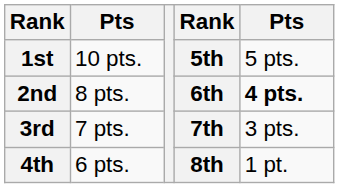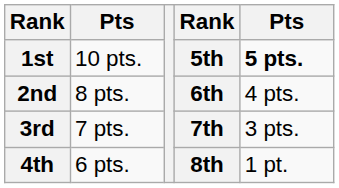 <table class="wikitable">
 <tr>
 <th>Rank</th>
 <th width=60>Pts</th>
 <th rowspan=5></th>
 <th>Rank</th>
 <th width=60>Pts</th>
 </tr>
 <tr>
 <th><strong>1st</strong></th>
 <td>10 pts.</td>
 <th><strong>5th</strong></th>
-<td>5 pts.</td>
+<td><strong>5 pts.</strong></td>
 </tr>
 <tr>
 <th><strong>2nd</strong></th>
 <td>8 pts.</td>
 <th><strong>6th</strong></th>
-<td><strong>4 pts.</strong></td>
+<td>4 pts.</td>
 </tr>
 <tr>
 <th><strong>3rd</strong></th>
 <td>7 pts.</td>
 <th><strong>7th</strong></th>
 <td>3 pts.</td>
 </tr>
 <tr>
 <th><strong>4th</strong></th>
 <td>6 pts.</td>
 <th><strong>8th</strong></th>
 <td>1 pt.</td>
 </tr>
 </table>
